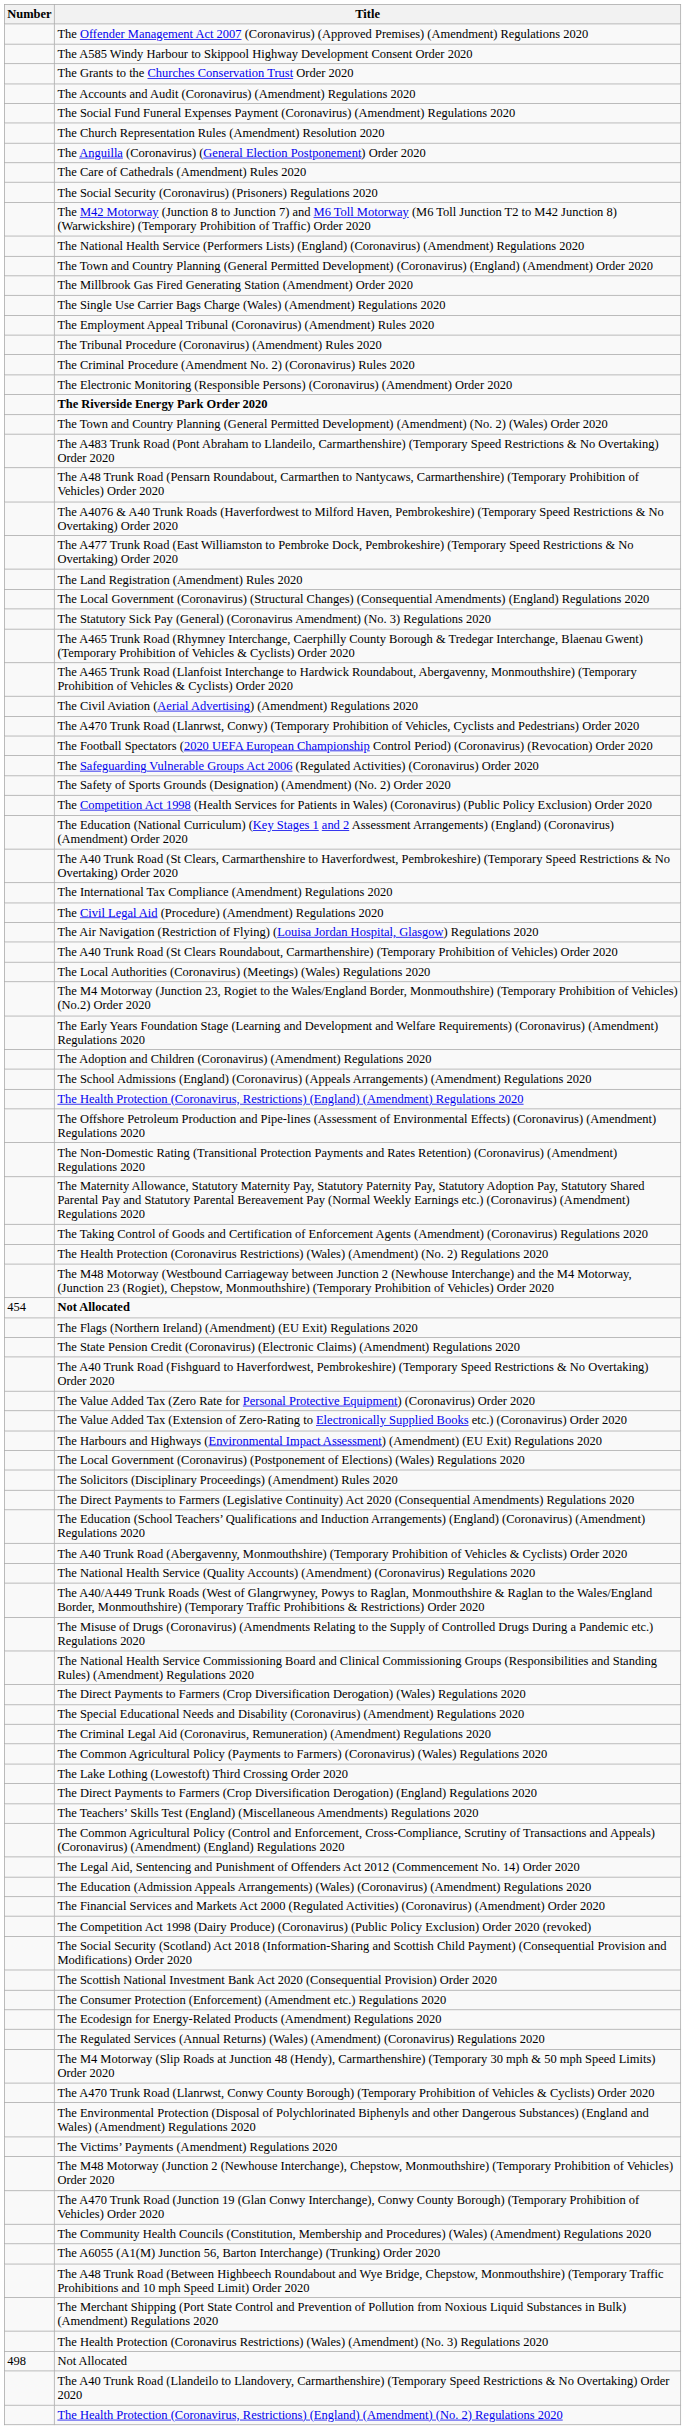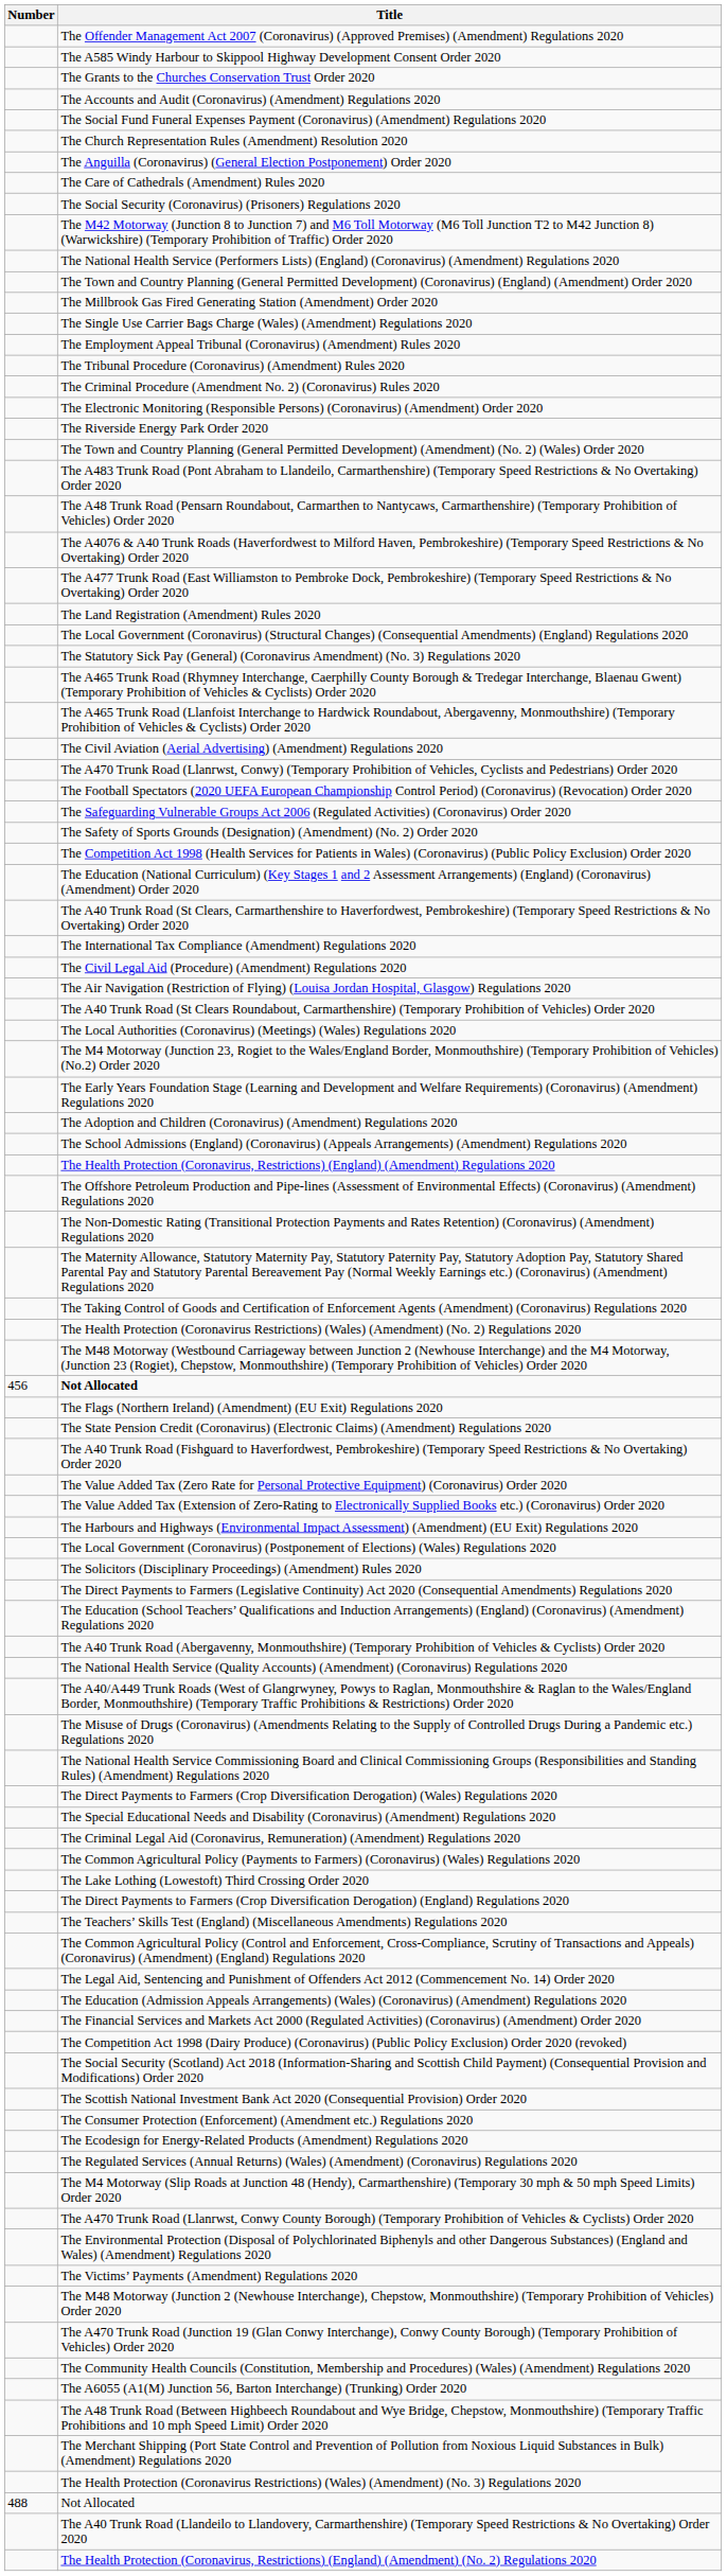 <table class="wikitable collapsible collapsed">
 <tr>
 <th>Number</th>
 <th>Title</th>
 </tr>
 <tr>
 <td></td>
 <td>The <a href='#'>Offender Management Act 2007</a> (Coronavirus) (Approved Premises) (Amendment) Regulations 2020</td>
 </tr>
 <tr>
 <td></td>
 <td>The A585 Windy Harbour to Skippool Highway Development Consent Order 2020</td>
 </tr>
 <tr>
 <td></td>
 <td>The Grants to the <a href='#'>Churches Conservation Trust</a> Order 2020</td>
 </tr>
 <tr>
 <td></td>
 <td>The Accounts and Audit (Coronavirus) (Amendment) Regulations 2020</td>
 </tr>
 <tr>
 <td></td>
 <td>The Social Fund Funeral Expenses Payment (Coronavirus) (Amendment) Regulations 2020</td>
 </tr>
 <tr>
 <td></td>
 <td>The Church Representation Rules (Amendment) Resolution 2020</td>
 </tr>
 <tr>
 <td></td>
 <td>The <a href='#'>Anguilla</a> (Coronavirus) (<a href='#'>General Election Postponement</a>) Order 2020</td>
 </tr>
 <tr>
 <td></td>
 <td>The Care of Cathedrals (Amendment) Rules 2020</td>
 </tr>
 <tr>
 <td></td>
 <td>The Social Security (Coronavirus) (Prisoners) Regulations 2020</td>
 </tr>
 <tr>
 <td></td>
 <td>The <a href='#'>M42 Motorway</a> (Junction 8 to Junction 7) and <a href='#'>M6 Toll Motorway</a> (M6 Toll Junction T2 to M42 Junction 8) (Warwickshire) (Temporary Prohibition of Traffic) Order 2020</td>
 </tr>
 <tr>
 <td></td>
 <td>The National Health Service (Performers Lists) (England) (Coronavirus) (Amendment) Regulations 2020</td>
 </tr>
 <tr>
 <td></td>
 <td>The Town and Country Planning (General Permitted Development) (Coronavirus) (England) (Amendment) Order 2020</td>
 </tr>
 <tr>
 <td></td>
 <td>The Millbrook Gas Fired Generating Station (Amendment) Order 2020</td>
 </tr>
 <tr>
 <td></td>
 <td>The Single Use Carrier Bags Charge (Wales) (Amendment) Regulations 2020</td>
 </tr>
 <tr>
 <td></td>
 <td>The Employment Appeal Tribunal (Coronavirus) (Amendment) Rules 2020</td>
 </tr>
 <tr>
 <td></td>
 <td>The Tribunal Procedure (Coronavirus) (Amendment) Rules 2020</td>
 </tr>
 <tr>
 <td></td>
 <td>The Criminal Procedure (Amendment No. 2) (Coronavirus) Rules 2020</td>
 </tr>
 <tr>
 <td></td>
 <td>The Electronic Monitoring (Responsible Persons) (Coronavirus) (Amendment) Order 2020</td>
 </tr>
 <tr>
 <td></td>
-<td><strong>The Riverside Energy Park Order 2020</strong></td>
+<td>The Riverside Energy Park Order 2020</td>
 </tr>
 <tr>
 <td></td>
 <td>The Town and Country Planning (General Permitted Development) (Amendment) (No. 2) (Wales) Order 2020</td>
 </tr>
 <tr>
 <td></td>
 <td>The A483 Trunk Road (Pont Abraham to Llandeilo, Carmarthenshire) (Temporary Speed Restrictions & No Overtaking) Order 2020</td>
 </tr>
 <tr>
 <td></td>
 <td>The A48 Trunk Road (Pensarn Roundabout, Carmarthen to Nantycaws, Carmarthenshire) (Temporary Prohibition of Vehicles) Order 2020</td>
 </tr>
 <tr>
 <td></td>
 <td>The A4076 & A40 Trunk Roads (Haverfordwest to Milford Haven, Pembrokeshire) (Temporary Speed Restrictions & No Overtaking) Order 2020</td>
 </tr>
 <tr>
 <td></td>
 <td>The A477 Trunk Road (East Williamston to Pembroke Dock, Pembrokeshire) (Temporary Speed Restrictions & No Overtaking) Order 2020</td>
 </tr>
 <tr>
 <td></td>
 <td>The Land Registration (Amendment) Rules 2020</td>
 </tr>
 <tr>
 <td></td>
 <td>The Local Government (Coronavirus) (Structural Changes) (Consequential Amendments) (England) Regulations 2020</td>
 </tr>
 <tr>
 <td></td>
 <td>The Statutory Sick Pay (General) (Coronavirus Amendment) (No. 3) Regulations 2020</td>
 </tr>
 <tr>
 <td></td>
 <td>The A465 Trunk Road (Rhymney Interchange, Caerphilly County Borough & Tredegar Interchange, Blaenau Gwent) (Temporary Prohibition of Vehicles & Cyclists) Order 2020</td>
 </tr>
 <tr>
 <td></td>
 <td>The A465 Trunk Road (Llanfoist Interchange to Hardwick Roundabout, Abergavenny, Monmouthshire) (Temporary Prohibition of Vehicles & Cyclists) Order 2020</td>
 </tr>
 <tr>
 <td></td>
 <td>The Civil Aviation (<a href='#'>Aerial Advertising</a>) (Amendment) Regulations 2020</td>
 </tr>
 <tr>
 <td></td>
 <td>The A470 Trunk Road (Llanrwst, Conwy) (Temporary Prohibition of Vehicles, Cyclists and Pedestrians) Order 2020</td>
 </tr>
 <tr>
 <td></td>
 <td>The Football Spectators (<a href='#'>2020 UEFA European Championship</a> Control Period) (Coronavirus) (Revocation) Order 2020</td>
 </tr>
 <tr>
 <td></td>
 <td>The <a href='#'>Safeguarding Vulnerable Groups Act 2006</a> (Regulated Activities) (Coronavirus) Order 2020</td>
 </tr>
 <tr>
 <td></td>
 <td>The Safety of Sports Grounds (Designation) (Amendment) (No. 2) Order 2020</td>
 </tr>
 <tr>
 <td></td>
 <td>The <a href='#'>Competition Act 1998</a> (Health Services for Patients in Wales) (Coronavirus) (Public Policy Exclusion) Order 2020</td>
 </tr>
 <tr>
 <td></td>
 <td>The Education (National Curriculum) (<a href='#'>Key Stages 1</a> <a href='#'>and 2</a> Assessment Arrangements) (England) (Coronavirus) (Amendment) Order 2020</td>
 </tr>
 <tr>
 <td></td>
 <td>The A40 Trunk Road (St Clears, Carmarthenshire to Haverfordwest, Pembrokeshire) (Temporary Speed Restrictions & No Overtaking) Order 2020</td>
 </tr>
 <tr>
 <td></td>
 <td>The International Tax Compliance (Amendment) Regulations 2020</td>
 </tr>
 <tr>
 <td></td>
 <td>The <a href='#'>Civil Legal Aid</a> (Procedure) (Amendment) Regulations 2020</td>
 </tr>
 <tr>
 <td></td>
 <td>The Air Navigation (Restriction of Flying) (<a href='#'>Louisa Jordan Hospital, Glasgow</a>) Regulations 2020</td>
 </tr>
 <tr>
 <td></td>
 <td>The A40 Trunk Road (St Clears Roundabout, Carmarthenshire) (Temporary Prohibition of Vehicles) Order 2020</td>
 </tr>
 <tr>
 <td></td>
 <td>The Local Authorities (Coronavirus) (Meetings) (Wales) Regulations 2020</td>
 </tr>
 <tr>
 <td></td>
 <td>The M4 Motorway (Junction 23, Rogiet to the Wales/England Border, Monmouthshire) (Temporary Prohibition of Vehicles) (No.2) Order 2020</td>
 </tr>
 <tr>
 <td></td>
 <td>The Early Years Foundation Stage (Learning and Development and Welfare Requirements) (Coronavirus) (Amendment) Regulations 2020</td>
 </tr>
 <tr>
 <td></td>
 <td>The Adoption and Children (Coronavirus) (Amendment) Regulations 2020</td>
 </tr>
 <tr>
 <td></td>
 <td>The School Admissions (England) (Coronavirus) (Appeals Arrangements) (Amendment) Regulations 2020</td>
 </tr>
 <tr>
 <td></td>
 <td><a href='#'>The Health Protection (Coronavirus, Restrictions) (England) (Amendment) Regulations 2020</a></td>
 </tr>
 <tr>
 <td></td>
 <td>The Offshore Petroleum Production and Pipe-lines (Assessment of Environmental Effects) (Coronavirus) (Amendment) Regulations 2020</td>
 </tr>
 <tr>
 <td></td>
 <td>The Non-Domestic Rating (Transitional Protection Payments and Rates Retention) (Coronavirus) (Amendment) Regulations 2020</td>
 </tr>
 <tr>
 <td></td>
 <td>The Maternity Allowance, Statutory Maternity Pay, Statutory Paternity Pay, Statutory Adoption Pay, Statutory Shared Parental Pay and Statutory Parental Bereavement Pay (Normal Weekly Earnings etc.) (Coronavirus) (Amendment) Regulations 2020</td>
 </tr>
 <tr>
 <td></td>
 <td>The Taking Control of Goods and Certification of Enforcement Agents (Amendment) (Coronavirus) Regulations 2020</td>
 </tr>
 <tr>
 <td></td>
 <td>The Health Protection (Coronavirus Restrictions) (Wales) (Amendment) (No. 2) Regulations 2020</td>
 </tr>
 <tr>
 <td></td>
 <td>The M48 Motorway (Westbound Carriageway between Junction 2 (Newhouse Interchange) and the M4 Motorway, (Junction 23 (Rogiet), Chepstow, Monmouthshire) (Temporary Prohibition of Vehicles) Order 2020</td>
 </tr>
 <tr>
-<td>454</td>
+<td>456</td>
 <td><strong>Not Allocated</strong></td>
 </tr>
 <tr>
 <td></td>
 <td>The Flags (Northern Ireland) (Amendment) (EU Exit) Regulations 2020</td>
 </tr>
 <tr>
 <td></td>
 <td>The State Pension Credit (Coronavirus) (Electronic Claims) (Amendment) Regulations 2020</td>
 </tr>
 <tr>
 <td></td>
 <td>The A40 Trunk Road (Fishguard to Haverfordwest, Pembrokeshire) (Temporary Speed Restrictions & No Overtaking) Order 2020</td>
 </tr>
 <tr>
 <td></td>
 <td>The Value Added Tax (Zero Rate for <a href='#'>Personal Protective Equipment</a>) (Coronavirus) Order 2020</td>
 </tr>
 <tr>
 <td></td>
 <td>The Value Added Tax (Extension of Zero-Rating to <a href='#'>Electronically Supplied Books</a> etc.) (Coronavirus) Order 2020</td>
 </tr>
 <tr>
 <td></td>
 <td>The Harbours and Highways (<a href='#'>Environmental Impact Assessment</a>) (Amendment) (EU Exit) Regulations 2020</td>
 </tr>
 <tr>
 <td></td>
 <td>The Local Government (Coronavirus) (Postponement of Elections) (Wales) Regulations 2020</td>
 </tr>
 <tr>
 <td></td>
 <td>The Solicitors (Disciplinary Proceedings) (Amendment) Rules 2020</td>
 </tr>
 <tr>
 <td></td>
 <td>The Direct Payments to Farmers (Legislative Continuity) Act 2020 (Consequential Amendments) Regulations 2020</td>
 </tr>
 <tr>
 <td></td>
 <td>The Education (School Teachers’ Qualifications and Induction Arrangements) (England) (Coronavirus) (Amendment) Regulations 2020</td>
 </tr>
 <tr>
 <td></td>
 <td>The A40 Trunk Road (Abergavenny, Monmouthshire) (Temporary Prohibition of Vehicles & Cyclists) Order 2020</td>
 </tr>
 <tr>
 <td></td>
 <td>The National Health Service (Quality Accounts) (Amendment) (Coronavirus) Regulations 2020</td>
 </tr>
 <tr>
 <td></td>
 <td>The A40/A449 Trunk Roads (West of Glangrwyney, Powys to Raglan, Monmouthshire & Raglan to the Wales/England Border, Monmouthshire) (Temporary Traffic Prohibitions & Restrictions) Order 2020</td>
 </tr>
 <tr>
 <td></td>
 <td>The Misuse of Drugs (Coronavirus) (Amendments Relating to the Supply of Controlled Drugs During a Pandemic etc.) Regulations 2020</td>
 </tr>
 <tr>
 <td></td>
 <td>The National Health Service Commissioning Board and Clinical Commissioning Groups (Responsibilities and Standing Rules) (Amendment) Regulations 2020</td>
 </tr>
 <tr>
 <td></td>
 <td>The Direct Payments to Farmers (Crop Diversification Derogation) (Wales) Regulations 2020</td>
 </tr>
 <tr>
 <td></td>
 <td>The Special Educational Needs and Disability (Coronavirus) (Amendment) Regulations 2020</td>
 </tr>
 <tr>
 <td></td>
 <td>The Criminal Legal Aid (Coronavirus, Remuneration) (Amendment) Regulations 2020</td>
 </tr>
 <tr>
 <td></td>
 <td>The Common Agricultural Policy (Payments to Farmers) (Coronavirus) (Wales) Regulations 2020</td>
 </tr>
 <tr>
 <td></td>
 <td>The Lake Lothing (Lowestoft) Third Crossing Order 2020</td>
 </tr>
 <tr>
 <td></td>
 <td>The Direct Payments to Farmers (Crop Diversification Derogation) (England) Regulations 2020</td>
 </tr>
 <tr>
 <td></td>
 <td>The Teachers’ Skills Test (England) (Miscellaneous Amendments) Regulations 2020</td>
 </tr>
 <tr>
 <td></td>
 <td>The Common Agricultural Policy (Control and Enforcement, Cross-Compliance, Scrutiny of Transactions and Appeals) (Coronavirus) (Amendment) (England) Regulations 2020</td>
 </tr>
 <tr>
 <td></td>
 <td>The Legal Aid, Sentencing and Punishment of Offenders Act 2012 (Commencement No. 14) Order 2020</td>
 </tr>
 <tr>
 <td></td>
 <td>The Education (Admission Appeals Arrangements) (Wales) (Coronavirus) (Amendment) Regulations 2020</td>
 </tr>
 <tr>
 <td></td>
 <td>The Financial Services and Markets Act 2000 (Regulated Activities) (Coronavirus) (Amendment) Order 2020</td>
 </tr>
 <tr>
 <td></td>
 <td>The Competition Act 1998 (Dairy Produce) (Coronavirus) (Public Policy Exclusion) Order 2020 (revoked)</td>
 </tr>
 <tr>
 <td></td>
 <td>The Social Security (Scotland) Act 2018 (Information-Sharing and Scottish Child Payment) (Consequential Provision and Modifications) Order 2020</td>
 </tr>
 <tr>
 <td></td>
 <td>The Scottish National Investment Bank Act 2020 (Consequential Provision) Order 2020</td>
 </tr>
 <tr>
 <td></td>
 <td>The Consumer Protection (Enforcement) (Amendment etc.) Regulations 2020</td>
 </tr>
 <tr>
 <td></td>
 <td>The Ecodesign for Energy-Related Products (Amendment) Regulations 2020</td>
 </tr>
 <tr>
 <td></td>
 <td>The Regulated Services (Annual Returns) (Wales) (Amendment) (Coronavirus) Regulations 2020</td>
 </tr>
 <tr>
 <td></td>
 <td>The M4 Motorway (Slip Roads at Junction 48 (Hendy), Carmarthenshire) (Temporary 30 mph & 50 mph Speed Limits) Order 2020</td>
 </tr>
 <tr>
 <td></td>
 <td>The A470 Trunk Road (Llanrwst, Conwy County Borough) (Temporary Prohibition of Vehicles & Cyclists) Order 2020</td>
 </tr>
 <tr>
 <td></td>
 <td>The Environmental Protection (Disposal of Polychlorinated Biphenyls and other Dangerous Substances) (England and Wales) (Amendment) Regulations 2020</td>
 </tr>
 <tr>
 <td></td>
 <td>The Victims’ Payments (Amendment) Regulations 2020</td>
 </tr>
 <tr>
 <td></td>
 <td>The M48 Motorway (Junction 2 (Newhouse Interchange), Chepstow, Monmouthshire) (Temporary Prohibition of Vehicles) Order 2020</td>
 </tr>
 <tr>
 <td></td>
 <td>The A470 Trunk Road (Junction 19 (Glan Conwy Interchange), Conwy County Borough) (Temporary Prohibition of Vehicles) Order 2020</td>
 </tr>
 <tr>
 <td></td>
 <td>The Community Health Councils (Constitution, Membership and Procedures) (Wales) (Amendment) Regulations 2020</td>
 </tr>
 <tr>
 <td></td>
 <td>The A6055 (A1(M) Junction 56, Barton Interchange) (Trunking) Order 2020</td>
 </tr>
 <tr>
 <td></td>
 <td>The A48 Trunk Road (Between Highbeech Roundabout and Wye Bridge, Chepstow, Monmouthshire) (Temporary Traffic Prohibitions and 10 mph Speed Limit) Order 2020</td>
 </tr>
 <tr>
 <td></td>
 <td>The Merchant Shipping (Port State Control and Prevention of Pollution from Noxious Liquid Substances in Bulk) (Amendment) Regulations 2020</td>
 </tr>
 <tr>
 <td></td>
 <td>The Health Protection (Coronavirus Restrictions) (Wales) (Amendment) (No. 3) Regulations 2020</td>
 </tr>
 <tr>
-<td>498</td>
+<td>488</td>
 <td>Not Allocated</td>
 </tr>
 <tr>
 <td></td>
 <td>The A40 Trunk Road (Llandeilo to Llandovery, Carmarthenshire) (Temporary Speed Restrictions & No Overtaking) Order 2020</td>
 </tr>
 <tr>
 <td></td>
 <td><a href='#'>The Health Protection (Coronavirus, Restrictions) (England) (Amendment) (No. 2) Regulations 2020</a></td>
 </tr>
 </table>
